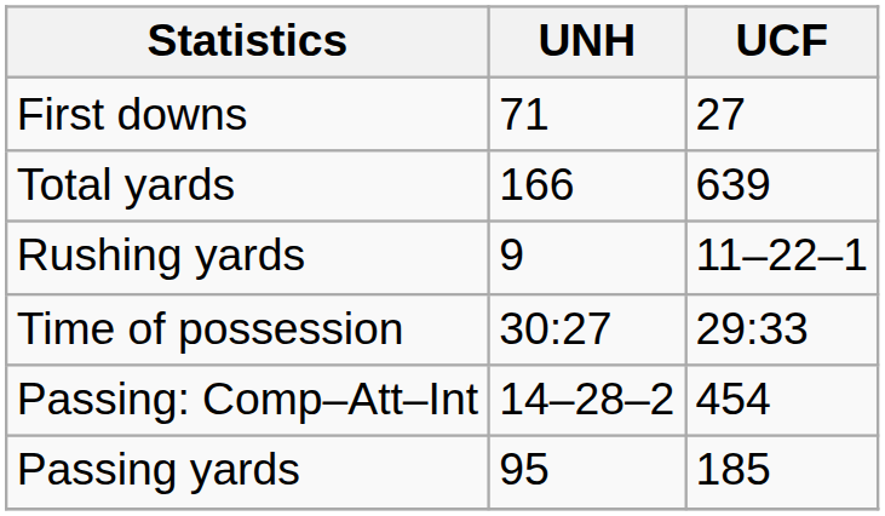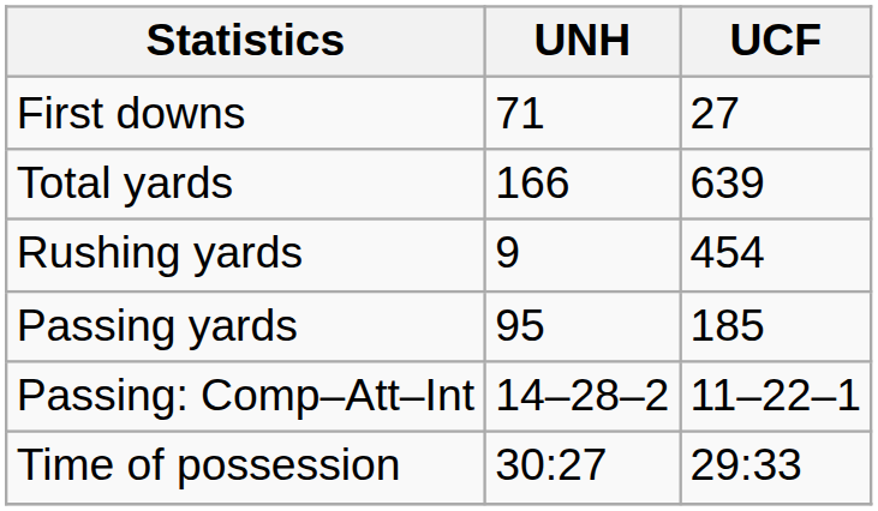 <table class="wikitable" style="float: left;">
 <tr>
 <th>Statistics</th>
 <th>UNH</th>
 <th>UCF</th>
 </tr>
 <tr>
 <td>First downs</td>
 <td>71</td>
 <td>27</td>
 </tr>
 <tr>
 <td>Total yards</td>
 <td>166</td>
 <td>639</td>
 </tr>
 <tr>
 <td>Rushing yards</td>
 <td>9</td>
+<td>454</td>
+</tr>
+<tr>
+<td>Passing yards</td>
+<td>95</td>
+<td>185</td>
+</tr>
+<tr>
+<td>Passing: Comp–Att–Int</td>
+<td>14–28–2</td>
 <td>11–22–1</td>
 </tr>
 <tr>
 <td>Time of possession</td>
 <td>30:27</td>
 <td>29:33</td>
 </tr>
 <tr>
-<td>Passing: Comp–Att–Int</td>
-<td>14–28–2</td>
-<td>454</td>
-</tr>
-<tr>
-<td>Passing yards</td>
-<td>95</td>
-<td>185</td>
-</tr>
-<tr>
 </tr>
 </table>
